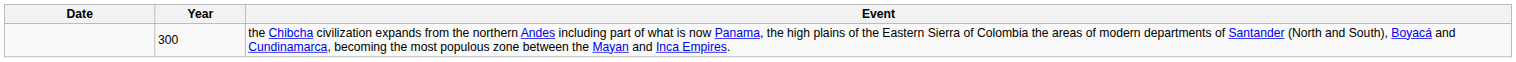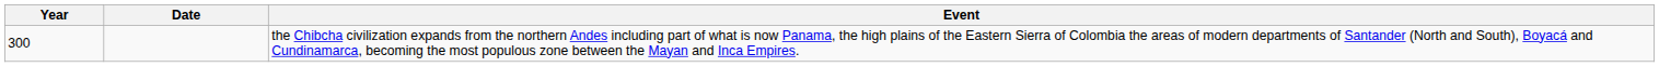 <table class="wikitable" style="width:100%;">
 <tr>
+<th style="width:6%">Year</th>
 <th style="width:10%">Date</th>
-<th style="width:6%">Year</th>
 <th>Event</th>
 </tr>
 <tr>
+<td>300</td>
 <td></td>
-<td>300</td>
 <td>the <a href='#'>Chibcha</a> civilization expands from the northern <a href='#'>Andes</a> including part of what is now <a href='#'>Panama</a>, the high plains of the Eastern Sierra of Colombia the areas of modern departments of <a href='#'>Santander</a> (North and South), <a href='#'>Boyacá</a> and <a href='#'>Cundinamarca</a>, becoming the most populous zone between the <a href='#'>Mayan</a> and <a href='#'>Inca Empires</a>.</td>
 </tr>
 </table>
